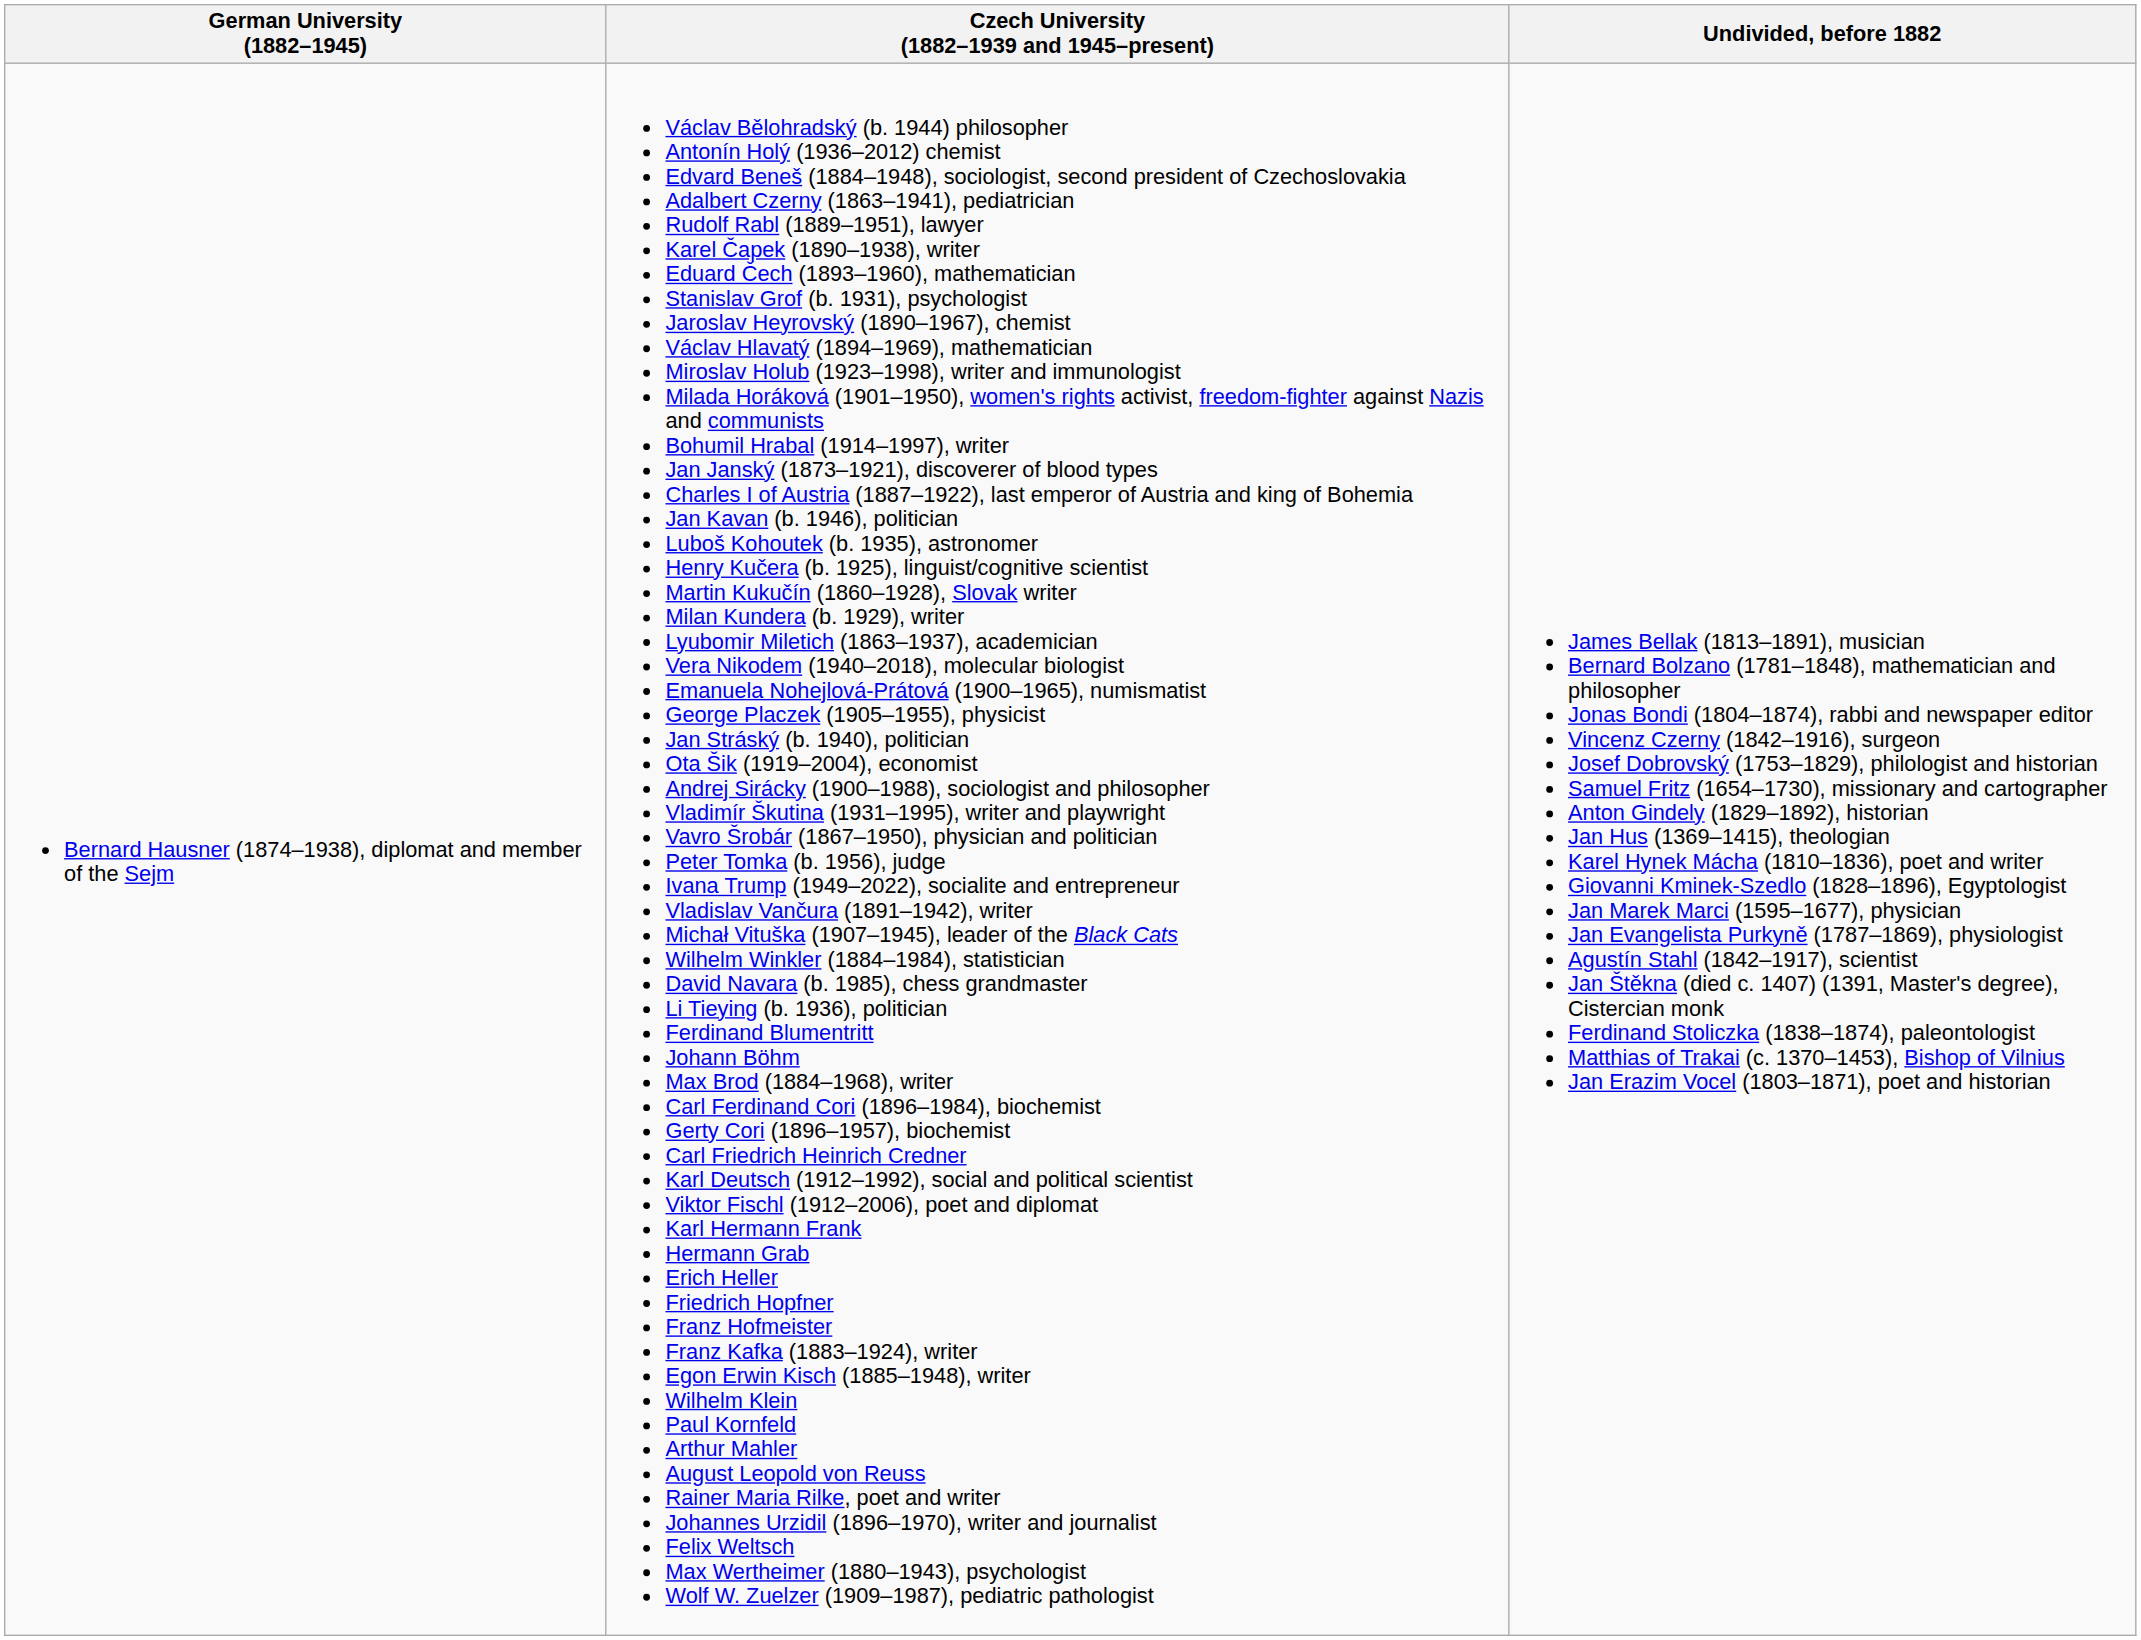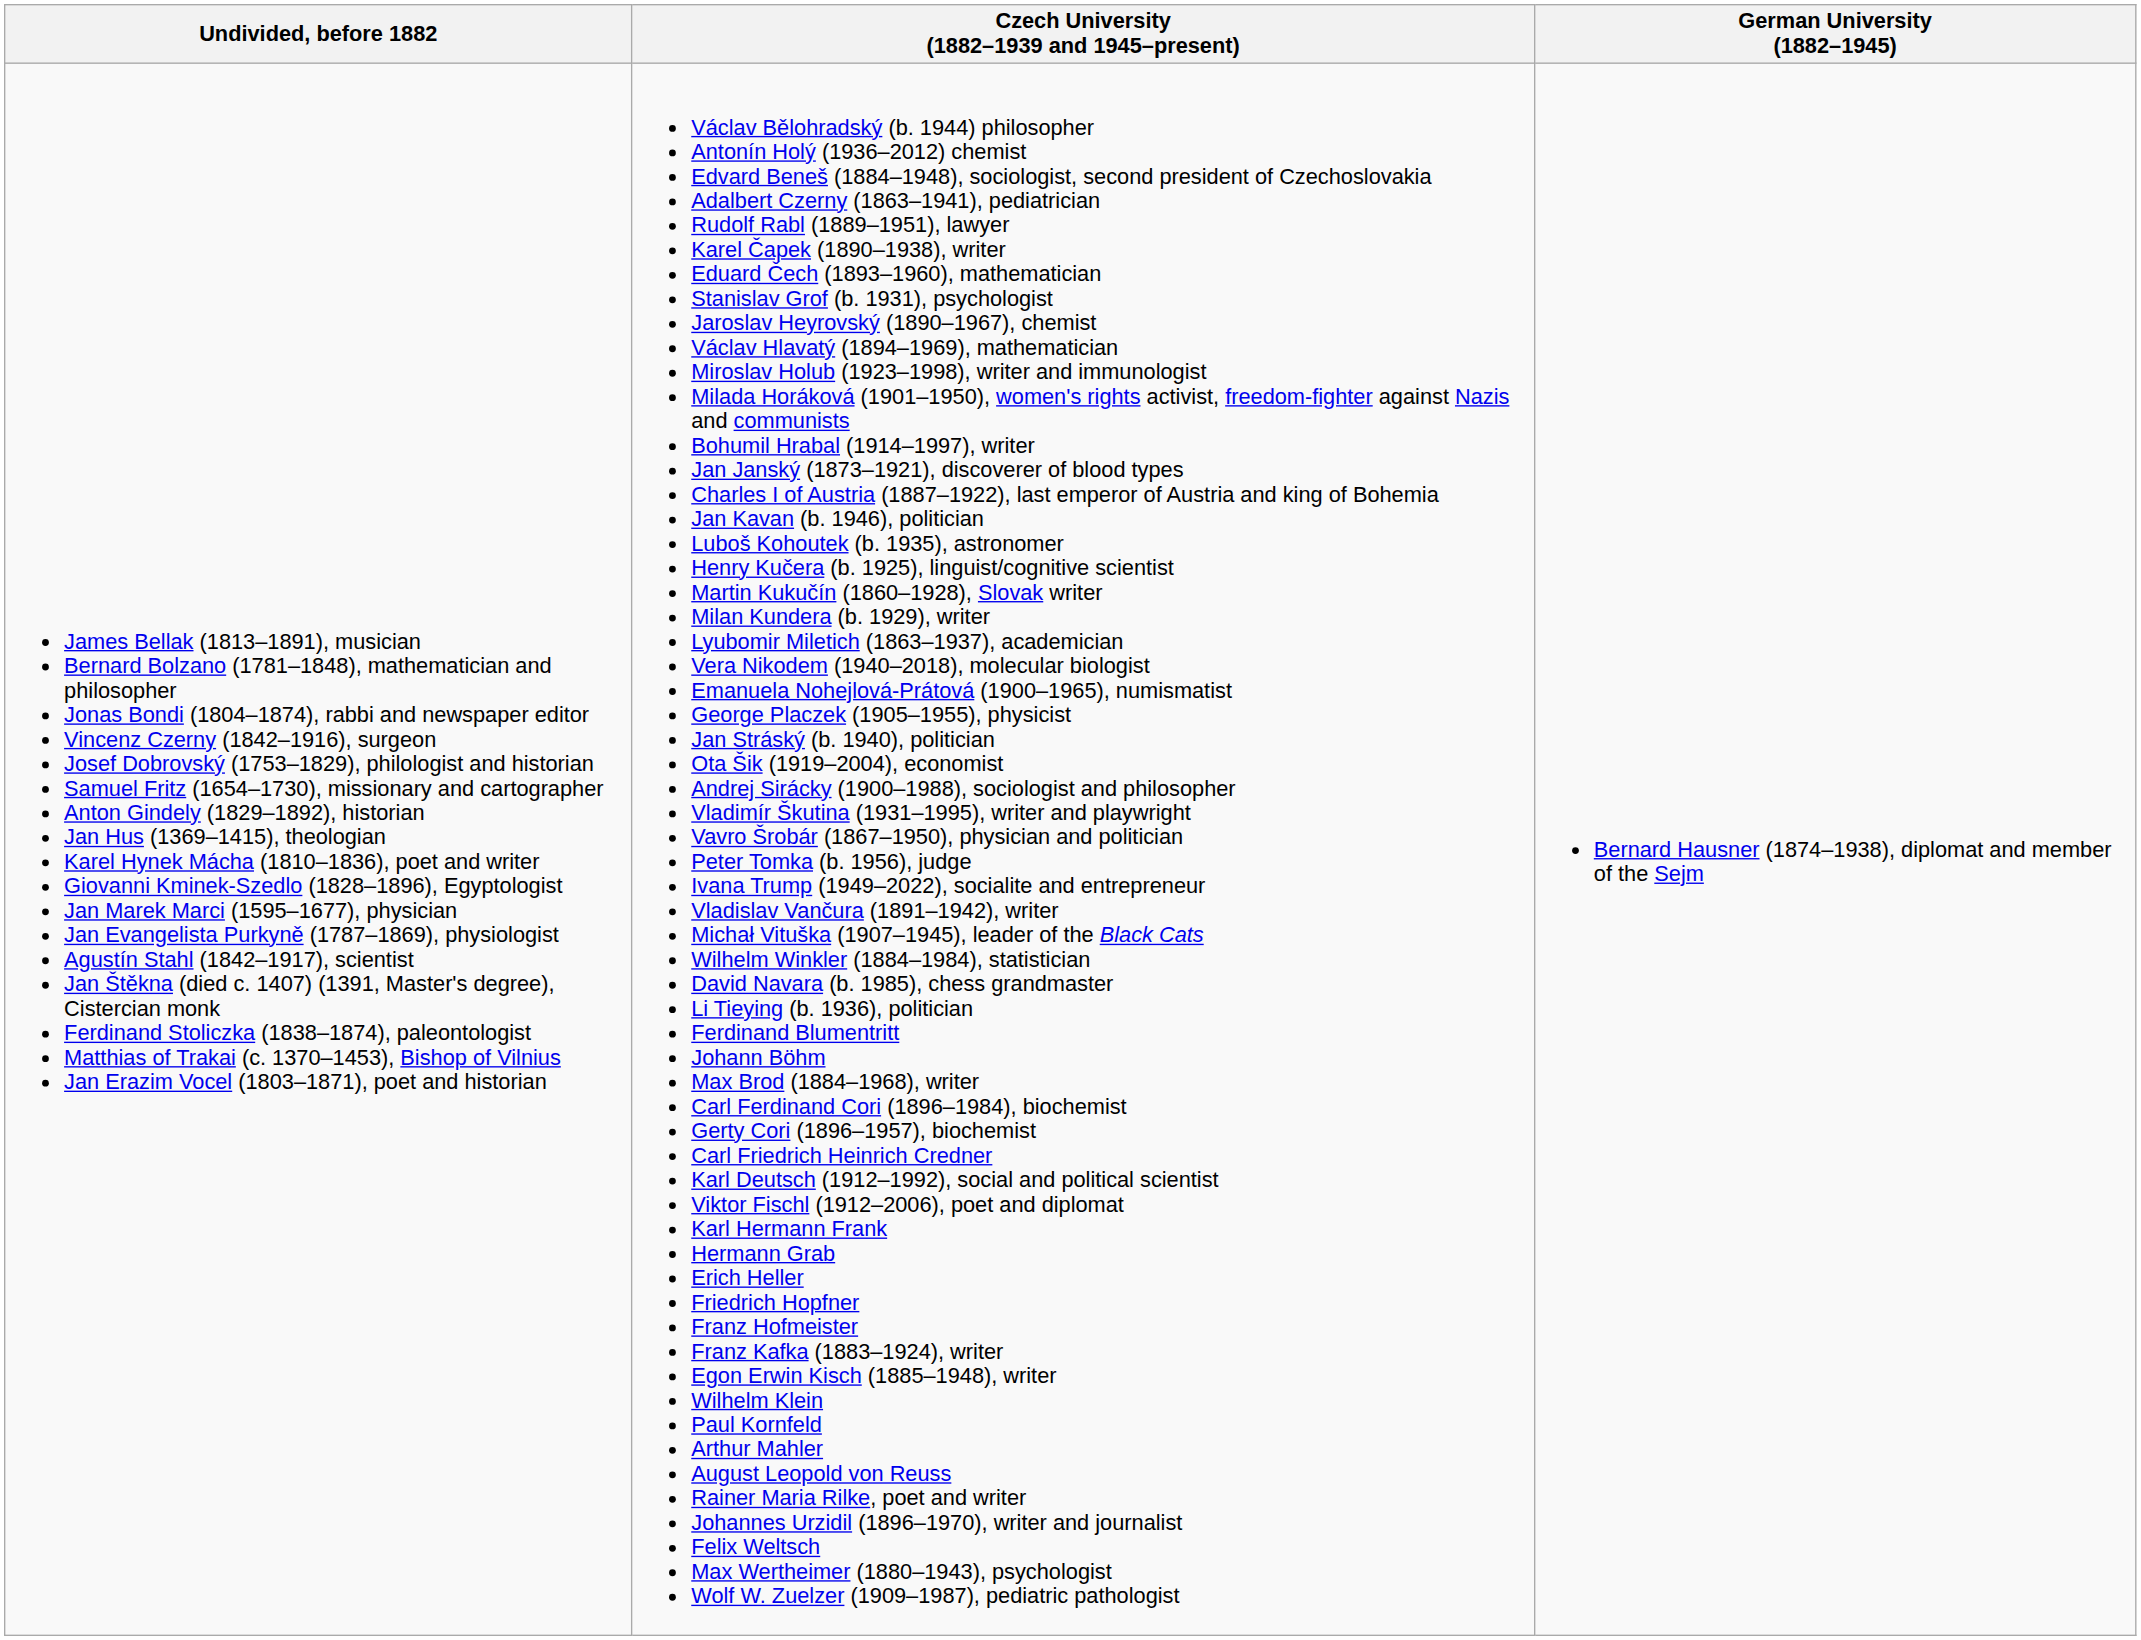 <table class="wikitable">
 <tr>
+<th>Undivided, before 1882</th>
+<th>Czech University <br>(1882–1939 and 1945–present)</th>
 <th>German University <br>(1882–1945)</th>
-<th>Czech University <br>(1882–1939 and 1945–present)</th>
-<th>Undivided, before 1882</th>
 </tr>
 <tr>
+<td><br><ul><li><a href='#'>James Bellak</a> (1813–1891), musician</li><li><a href='#'>Bernard Bolzano</a> (1781–1848), mathematician and philosopher</li><li><a href='#'>Jonas Bondi</a> (1804–1874), rabbi and newspaper editor</li><li><a href='#'>Vincenz Czerny</a> (1842–1916), surgeon</li><li><a href='#'>Josef Dobrovský</a> (1753–1829), philologist and historian</li><li><a href='#'>Samuel Fritz</a> (1654–1730), missionary and cartographer</li><li><a href='#'>Anton Gindely</a> (1829–1892), historian</li><li><a href='#'>Jan Hus</a> (1369–1415), theologian</li><li><a href='#'>Karel Hynek Mácha</a> (1810–1836), poet and writer</li><li><a href='#'>Giovanni Kminek-Szedlo</a> (1828–1896), Egyptologist</li><li><a href='#'>Jan Marek Marci</a> (1595–1677), physician</li><li><a href='#'>Jan Evangelista Purkyně</a> (1787–1869), physiologist</li><li><a href='#'>Agustín Stahl</a> (1842–1917), scientist</li><li><a href='#'>Jan Štěkna</a> (died c. 1407) (1391, Master's degree), Cistercian monk</li><li><a href='#'>Ferdinand Stoliczka</a> (1838–1874), paleontologist</li><li><a href='#'>Matthias of Trakai</a> (c. 1370–1453), <a href='#'>Bishop of Vilnius</a></li><li><a href='#'>Jan Erazim Vocel</a> (1803–1871), poet and historian</li></ul></td>
+<td><br><ul><li><a href='#'>Václav Bělohradský</a> (b. 1944) philosopher</li><li><a href='#'>Antonín Holý</a> (1936–2012) chemist</li><li><a href='#'>Edvard Beneš</a> (1884–1948), sociologist, second president of Czechoslovakia</li><li><a href='#'>Adalbert Czerny</a> (1863–1941), pediatrician</li><li><a href='#'>Rudolf Rabl</a> (1889–1951), lawyer</li><li><a href='#'>Karel Čapek</a> (1890–1938), writer</li><li><a href='#'>Eduard Čech</a> (1893–1960), mathematician</li><li><a href='#'>Stanislav Grof</a> (b. 1931), psychologist</li><li><a href='#'>Jaroslav Heyrovský</a> (1890–1967), chemist</li><li><a href='#'>Václav Hlavatý</a> (1894–1969), mathematician</li><li><a href='#'>Miroslav Holub</a> (1923–1998), writer and immunologist</li><li><a href='#'>Milada Horáková</a> (1901–1950), <a href='#'>women's rights</a> activist, <a href='#'>freedom-fighter</a> against <a href='#'>Nazis</a> and <a href='#'>communists</a></li><li><a href='#'>Bohumil Hrabal</a> (1914–1997), writer</li><li><a href='#'>Jan Janský</a> (1873–1921), discoverer of blood types</li><li><a href='#'>Charles I of Austria</a> (1887–1922), last emperor of Austria and king of Bohemia</li><li><a href='#'>Jan Kavan</a> (b. 1946), politician</li><li><a href='#'>Luboš Kohoutek</a> (b. 1935), astronomer</li><li><a href='#'>Henry Kučera</a> (b. 1925), linguist/cognitive scientist</li><li><a href='#'>Martin Kukučín</a> (1860–1928), <a href='#'>Slovak</a> writer</li><li><a href='#'>Milan Kundera</a> (b. 1929), writer</li><li><a href='#'>Lyubomir Miletich</a> (1863–1937), academician</li><li><a href='#'>Vera Nikodem</a> (1940–2018), molecular biologist</li><li><a href='#'>Emanuela Nohejlová-Prátová</a> (1900–1965), numismatist</li><li><a href='#'>George Placzek</a> (1905–1955), physicist</li><li><a href='#'>Jan Stráský</a> (b. 1940), politician</li><li><a href='#'>Ota Šik</a> (1919–2004), economist</li><li><a href='#'>Andrej Sirácky</a> (1900–1988), sociologist and philosopher</li><li><a href='#'>Vladimír Škutina</a> (1931–1995), writer and playwright</li><li><a href='#'>Vavro Šrobár</a> (1867–1950), physician and politician</li><li><a href='#'>Peter Tomka</a> (b. 1956), judge</li><li><a href='#'>Ivana Trump</a> (1949–2022), socialite and entrepreneur</li><li><a href='#'>Vladislav Vančura</a> (1891–1942), writer</li><li><a href='#'>Michał Vituška</a> (1907–1945), leader of the <em><a href='#'>Black Cats</a></em></li><li><a href='#'>Wilhelm Winkler</a> (1884–1984), statistician</li><li><a href='#'>David Navara</a> (b. 1985), chess grandmaster</li><li><a href='#'>Li Tieying</a> (b. 1936), politician</li><li><a href='#'>Ferdinand Blumentritt</a></li><li><a href='#'>Johann Böhm</a></li><li><a href='#'>Max Brod</a> (1884–1968), writer</li><li><a href='#'>Carl Ferdinand Cori</a> (1896–1984), biochemist</li><li><a href='#'>Gerty Cori</a> (1896–1957), biochemist</li><li><a href='#'>Carl Friedrich Heinrich Credner</a></li><li><a href='#'>Karl Deutsch</a> (1912–1992), social and political scientist</li><li><a href='#'>Viktor Fischl</a> (1912–2006), poet and diplomat</li><li><a href='#'>Karl Hermann Frank</a></li><li><a href='#'>Hermann Grab</a></li><li><a href='#'>Erich Heller</a></li><li><a href='#'>Friedrich Hopfner</a></li><li><a href='#'>Franz Hofmeister</a></li><li><a href='#'>Franz Kafka</a> (1883–1924), writer</li><li><a href='#'>Egon Erwin Kisch</a> (1885–1948), writer</li><li><a href='#'>Wilhelm Klein</a></li><li><a href='#'>Paul Kornfeld</a></li><li><a href='#'>Arthur Mahler</a></li><li><a href='#'>August Leopold von Reuss</a></li><li><a href='#'>Rainer Maria Rilke</a>, poet and writer</li><li><a href='#'>Johannes Urzidil</a> (1896–1970), writer and journalist</li><li><a href='#'>Felix Weltsch</a></li><li><a href='#'>Max Wertheimer</a> (1880–1943), psychologist</li><li><a href='#'>Wolf W. Zuelzer</a> (1909–1987), pediatric pathologist</li></ul></td>
 <td><br><ul><li><a href='#'>Bernard Hausner</a> (1874–1938), diplomat and member of the <a href='#'>Sejm</a></li></ul></td>
-<td><br><ul><li><a href='#'>Václav Bělohradský</a> (b. 1944) philosopher</li><li><a href='#'>Antonín Holý</a> (1936–2012) chemist</li><li><a href='#'>Edvard Beneš</a> (1884–1948), sociologist, second president of Czechoslovakia</li><li><a href='#'>Adalbert Czerny</a> (1863–1941), pediatrician</li><li><a href='#'>Rudolf Rabl</a> (1889–1951), lawyer</li><li><a href='#'>Karel Čapek</a> (1890–1938), writer</li><li><a href='#'>Eduard Čech</a> (1893–1960), mathematician</li><li><a href='#'>Stanislav Grof</a> (b. 1931), psychologist</li><li><a href='#'>Jaroslav Heyrovský</a> (1890–1967), chemist</li><li><a href='#'>Václav Hlavatý</a> (1894–1969), mathematician</li><li><a href='#'>Miroslav Holub</a> (1923–1998), writer and immunologist</li><li><a href='#'>Milada Horáková</a> (1901–1950), <a href='#'>women's rights</a> activist, <a href='#'>freedom-fighter</a> against <a href='#'>Nazis</a> and <a href='#'>communists</a></li><li><a href='#'>Bohumil Hrabal</a> (1914–1997), writer</li><li><a href='#'>Jan Janský</a> (1873–1921), discoverer of blood types</li><li><a href='#'>Charles I of Austria</a> (1887–1922), last emperor of Austria and king of Bohemia</li><li><a href='#'>Jan Kavan</a> (b. 1946), politician</li><li><a href='#'>Luboš Kohoutek</a> (b. 1935), astronomer</li><li><a href='#'>Henry Kučera</a> (b. 1925), linguist/cognitive scientist</li><li><a href='#'>Martin Kukučín</a> (1860–1928), <a href='#'>Slovak</a> writer</li><li><a href='#'>Milan Kundera</a> (b. 1929), writer</li><li><a href='#'>Lyubomir Miletich</a> (1863–1937), academician</li><li><a href='#'>Vera Nikodem</a> (1940–2018), molecular biologist</li><li><a href='#'>Emanuela Nohejlová-Prátová</a> (1900–1965), numismatist</li><li><a href='#'>George Placzek</a> (1905–1955), physicist</li><li><a href='#'>Jan Stráský</a> (b. 1940), politician</li><li><a href='#'>Ota Šik</a> (1919–2004), economist</li><li><a href='#'>Andrej Sirácky</a> (1900–1988), sociologist and philosopher</li><li><a href='#'>Vladimír Škutina</a> (1931–1995), writer and playwright</li><li><a href='#'>Vavro Šrobár</a> (1867–1950), physician and politician</li><li><a href='#'>Peter Tomka</a> (b. 1956), judge</li><li><a href='#'>Ivana Trump</a> (1949–2022), socialite and entrepreneur</li><li><a href='#'>Vladislav Vančura</a> (1891–1942), writer</li><li><a href='#'>Michał Vituška</a> (1907–1945), leader of the <em><a href='#'>Black Cats</a></em></li><li><a href='#'>Wilhelm Winkler</a> (1884–1984), statistician</li><li><a href='#'>David Navara</a> (b. 1985), chess grandmaster</li><li><a href='#'>Li Tieying</a> (b. 1936), politician</li><li><a href='#'>Ferdinand Blumentritt</a></li><li><a href='#'>Johann Böhm</a></li><li><a href='#'>Max Brod</a> (1884–1968), writer</li><li><a href='#'>Carl Ferdinand Cori</a> (1896–1984), biochemist</li><li><a href='#'>Gerty Cori</a> (1896–1957), biochemist</li><li><a href='#'>Carl Friedrich Heinrich Credner</a></li><li><a href='#'>Karl Deutsch</a> (1912–1992), social and political scientist</li><li><a href='#'>Viktor Fischl</a> (1912–2006), poet and diplomat</li><li><a href='#'>Karl Hermann Frank</a></li><li><a href='#'>Hermann Grab</a></li><li><a href='#'>Erich Heller</a></li><li><a href='#'>Friedrich Hopfner</a></li><li><a href='#'>Franz Hofmeister</a></li><li><a href='#'>Franz Kafka</a> (1883–1924), writer</li><li><a href='#'>Egon Erwin Kisch</a> (1885–1948), writer</li><li><a href='#'>Wilhelm Klein</a></li><li><a href='#'>Paul Kornfeld</a></li><li><a href='#'>Arthur Mahler</a></li><li><a href='#'>August Leopold von Reuss</a></li><li><a href='#'>Rainer Maria Rilke</a>, poet and writer</li><li><a href='#'>Johannes Urzidil</a> (1896–1970), writer and journalist</li><li><a href='#'>Felix Weltsch</a></li><li><a href='#'>Max Wertheimer</a> (1880–1943), psychologist</li><li><a href='#'>Wolf W. Zuelzer</a> (1909–1987), pediatric pathologist</li></ul></td>
-<td><br><ul><li><a href='#'>James Bellak</a> (1813–1891), musician</li><li><a href='#'>Bernard Bolzano</a> (1781–1848), mathematician and philosopher</li><li><a href='#'>Jonas Bondi</a> (1804–1874), rabbi and newspaper editor</li><li><a href='#'>Vincenz Czerny</a> (1842–1916), surgeon</li><li><a href='#'>Josef Dobrovský</a> (1753–1829), philologist and historian</li><li><a href='#'>Samuel Fritz</a> (1654–1730), missionary and cartographer</li><li><a href='#'>Anton Gindely</a> (1829–1892), historian</li><li><a href='#'>Jan Hus</a> (1369–1415), theologian</li><li><a href='#'>Karel Hynek Mácha</a> (1810–1836), poet and writer</li><li><a href='#'>Giovanni Kminek-Szedlo</a> (1828–1896), Egyptologist</li><li><a href='#'>Jan Marek Marci</a> (1595–1677), physician</li><li><a href='#'>Jan Evangelista Purkyně</a> (1787–1869), physiologist</li><li><a href='#'>Agustín Stahl</a> (1842–1917), scientist</li><li><a href='#'>Jan Štěkna</a> (died c. 1407) (1391, Master's degree), Cistercian monk</li><li><a href='#'>Ferdinand Stoliczka</a> (1838–1874), paleontologist</li><li><a href='#'>Matthias of Trakai</a> (c. 1370–1453), <a href='#'>Bishop of Vilnius</a></li><li><a href='#'>Jan Erazim Vocel</a> (1803–1871), poet and historian</li></ul></td>
 </tr>
 </table>
